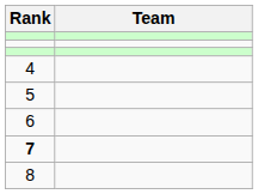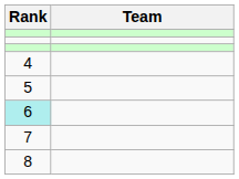 <table class="wikitable" style="text-align: center;">
 <tr>
 <th width=40>Rank</th>
 <th width=180>Team</th>
 </tr>
 <tr bgcolor=#CCFFCC>
 <td></td>
 <td align="left"></td>
 </tr>
 <tr>
 <td></td>
 <td align="left"></td>
 </tr>
 <tr bgcolor=#CCFFCC>
 <td></td>
 <td align="left"></td>
 </tr>
 <tr>
 <td>4</td>
 <td align="left"></td>
 </tr>
 <tr>
 <td>5</td>
 <td align="left"></td>
 </tr>
 <tr>
-<td>6</td>
+<td style="background: paleturquoise;">6</td>
 <td align="left"></td>
 </tr>
 <tr>
-<td><strong>7</strong></td>
+<td>7</td>
 <td align="left"></td>
 </tr>
 <tr>
 <td>8</td>
 <td align="left"></td>
 </tr>
 </table>
